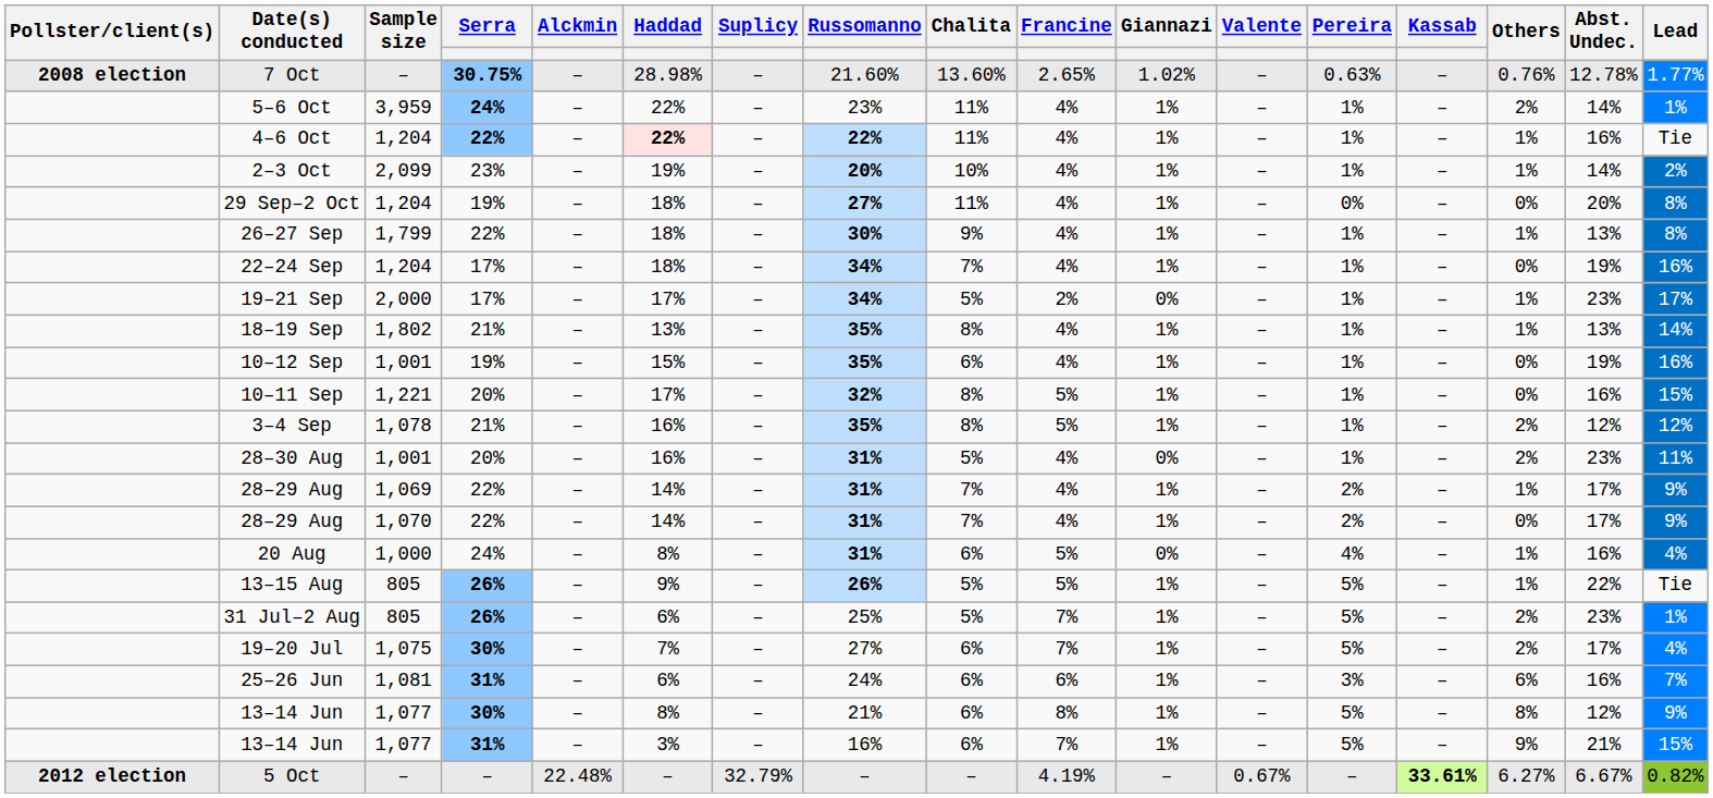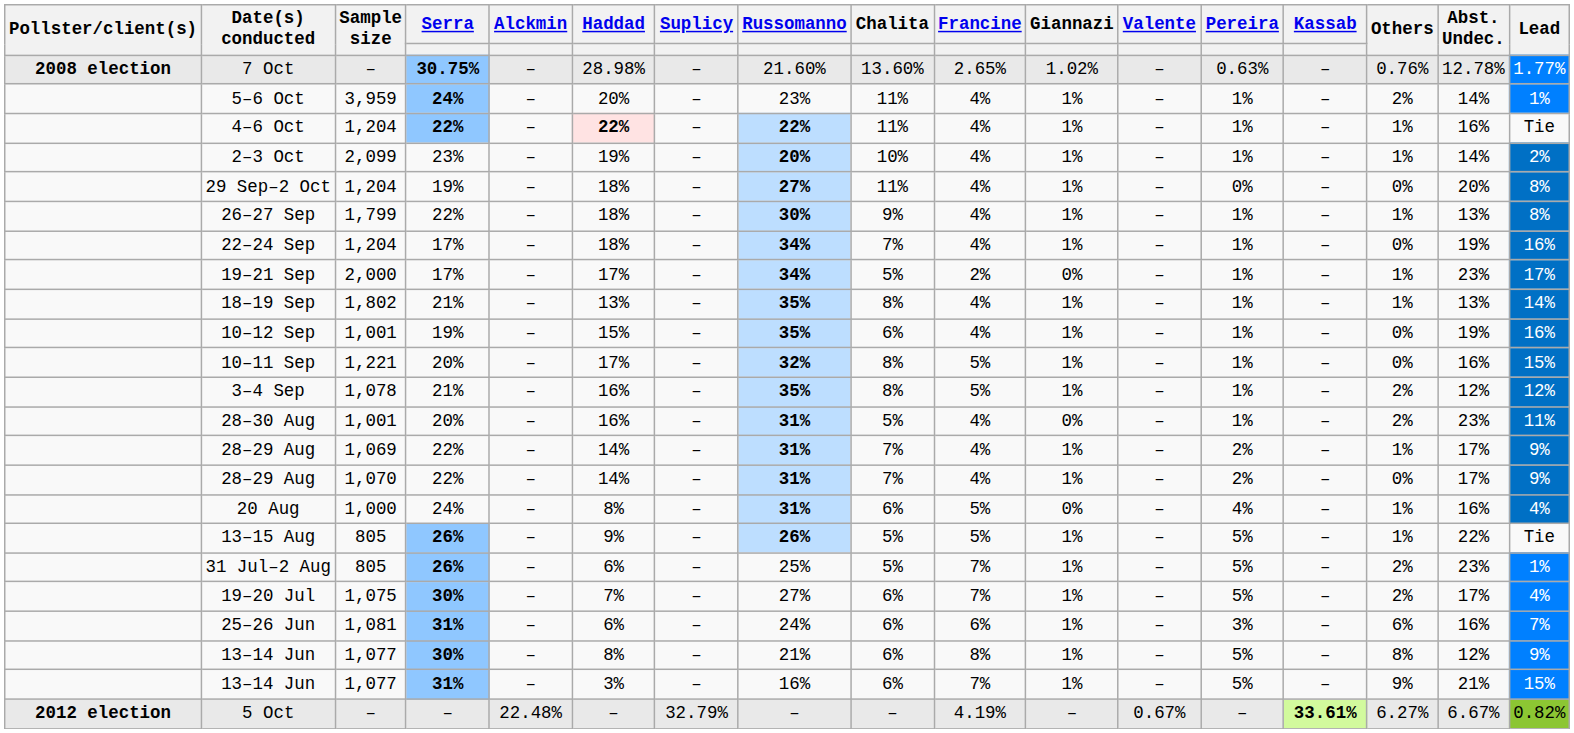 <table class="wikitable sortable" style="text-align:center;font-size:90%;line-height:14px;">
 <tr>
 <th rowspan="2">Pollster/client(s)</th>
 <th rowspan="2">Date(s)<br>conducted</th>
 <th rowspan="2" data-sort-type="number">Sample<br>size</th>
 <th class="unsortable" style="width:50px;"><a href='#'>Serra</a><br></th>
 <th class="unsortable" style="width:50px;"><a href='#'>Alckmin</a><br></th>
 <th class="unsortable" style="width:50px;"><a href='#'>Haddad</a><br></th>
 <th class="unsortable" style="width:50px;"><a href='#'>Suplicy</a><br></th>
 <th class="unsortable" style="width:50px;"><a href='#'>Russomanno</a><br></th>
 <th class="unsortable" style="width:50px;">Chalita<br></th>
 <th class="unsortable" style="width:50px;"><a href='#'>Francine</a><br></th>
 <th class="unsortable" style="width:50px;">Giannazi<br></th>
 <th class="unsortable" style="width:50px;"><a href='#'>Valente</a><br></th>
 <th class="unsortable" style="width:50px;"><a href='#'>Pereira</a><br></th>
 <th class="unsortable" style="width:50px;"><a href='#'>Kassab</a><br></th>
 <th rowspan="2" class="unsortable">Others</th>
 <th rowspan="2" class="unsortable">Abst.<br>Undec.</th>
 <th rowspan="2" data-sort-type="number">Lead</th>
 </tr>
 <tr>
 <th data-sort-type="number" class="sortable" style="background:"></th>
 <th data-sort-type="number" class="sortable" style="background:"></th>
 <th data-sort-type="number" class="sortable" style="background:"></th>
 <th data-sort-type="number" class="sortable" style="background:"></th>
 <th data-sort-type="number" class="sortable" style="background:"></th>
 <th data-sort-type="number" class="sortable" style="background:"></th>
 <th data-sort-type="number" class="sortable" style="background:"></th>
 <th data-sort-type="number" class="sortable" style="background:"></th>
 <th data-sort-type="number" class="sortable" style="background:"></th>
 <th data-sort-type="number" class="sortable" style="background:"></th>
 <th data-sort-type="number" class="sortable" style="background:"></th>
 </tr>
 <tr style="background:#E9E9E9;">
 <td><strong>2008 election</strong></td>
 <td>7 Oct</td>
 <td>–</td>
 <td style="background:#8FC7FF;"><strong>30.75%</strong></td>
 <td>–</td>
 <td>28.98%</td>
 <td>–</td>
 <td>21.60%</td>
 <td>13.60%</td>
 <td>2.65%</td>
 <td>1.02%</td>
 <td>–</td>
 <td>0.63%</td>
 <td>–</td>
 <td>0.76%</td>
 <td>12.78%</td>
 <td style="background:#0080FF;color:#FFFFFF;">1.77%</td>
 </tr>
 <tr>
 <td></td>
 <td>5–6 Oct</td>
 <td>3,959</td>
 <td style="background:#8FC7FF;"><strong>24%</strong></td>
 <td>–</td>
-<td>22%</td>
+<td>20%</td>
 <td>–</td>
 <td>23%</td>
 <td>11%</td>
 <td>4%</td>
 <td>1%</td>
 <td>–</td>
 <td>1%</td>
 <td>–</td>
 <td>2%</td>
 <td>14%</td>
 <td style="background:#0080FF;color:#FFFFFF;">1%</td>
 </tr>
 <tr>
 <td></td>
 <td>4–6 Oct</td>
 <td>1,204</td>
 <td style="background:#8FC7FF;"><strong>22%</strong></td>
 <td>–</td>
 <td style="background:#FFE3E3;"><strong>22%</strong></td>
 <td>–</td>
 <td style="background:#BDDEFF;"><strong>22%</strong></td>
 <td>11%</td>
 <td>4%</td>
 <td>1%</td>
 <td>–</td>
 <td>1%</td>
 <td>–</td>
 <td>1%</td>
 <td>16%</td>
 <td>Tie</td>
 </tr>
 <tr>
 <td></td>
 <td>2–3 Oct</td>
 <td>2,099</td>
 <td>23%</td>
 <td>–</td>
 <td>19%</td>
 <td>–</td>
 <td style="background:#BDDEFF;"><strong>20%</strong></td>
 <td>10%</td>
 <td>4%</td>
 <td>1%</td>
 <td>–</td>
 <td>1%</td>
 <td>–</td>
 <td>1%</td>
 <td>14%</td>
 <td style="background:#0070C5;color:#FFFFFF;">2%</td>
 </tr>
 <tr>
 <td></td>
 <td>29 Sep–2 Oct</td>
 <td>1,204</td>
 <td>19%</td>
 <td>–</td>
 <td>18%</td>
 <td>–</td>
 <td style="background:#BDDEFF;"><strong>27%</strong></td>
 <td>11%</td>
 <td>4%</td>
 <td>1%</td>
 <td>–</td>
 <td>0%</td>
 <td>–</td>
 <td>0%</td>
 <td>20%</td>
 <td style="background:#0070C5;color:#FFFFFF;">8%</td>
 </tr>
 <tr>
 <td></td>
 <td>26–27 Sep</td>
 <td>1,799</td>
 <td>22%</td>
 <td>–</td>
 <td>18%</td>
 <td>–</td>
 <td style="background:#BDDEFF;"><strong>30%</strong></td>
 <td>9%</td>
 <td>4%</td>
 <td>1%</td>
 <td>–</td>
 <td>1%</td>
 <td>–</td>
 <td>1%</td>
 <td>13%</td>
 <td style="background:#0070C5;color:#FFFFFF;">8%</td>
 </tr>
 <tr>
 <td></td>
 <td>22–24 Sep</td>
 <td>1,204</td>
 <td>17%</td>
 <td>–</td>
 <td>18%</td>
 <td>–</td>
 <td style="background:#BDDEFF;"><strong>34%</strong></td>
 <td>7%</td>
 <td>4%</td>
 <td>1%</td>
 <td>–</td>
 <td>1%</td>
 <td>–</td>
 <td>0%</td>
 <td>19%</td>
 <td style="background:#0070C5;color:#FFFFFF;">16%</td>
 </tr>
 <tr>
 <td></td>
 <td>19–21 Sep</td>
 <td>2,000</td>
 <td>17%</td>
 <td>–</td>
 <td>17%</td>
 <td>–</td>
 <td style="background:#BDDEFF;"><strong>34%</strong></td>
 <td>5%</td>
 <td>2%</td>
 <td>0%</td>
 <td>–</td>
 <td>1%</td>
 <td>–</td>
 <td>1%</td>
 <td>23%</td>
 <td style="background:#0070C5;color:#FFFFFF;">17%</td>
 </tr>
 <tr>
 <td></td>
 <td>18–19 Sep</td>
 <td>1,802</td>
 <td>21%</td>
 <td>–</td>
 <td>13%</td>
 <td>–</td>
 <td style="background:#BDDEFF;"><strong>35%</strong></td>
 <td>8%</td>
 <td>4%</td>
 <td>1%</td>
 <td>–</td>
 <td>1%</td>
 <td>–</td>
 <td>1%</td>
 <td>13%</td>
 <td style="background:#0070C5;color:#FFFFFF;">14%</td>
 </tr>
 <tr>
 <td></td>
 <td>10–12 Sep</td>
 <td>1,001</td>
 <td>19%</td>
 <td>–</td>
 <td>15%</td>
 <td>–</td>
 <td style="background:#BDDEFF;"><strong>35%</strong></td>
 <td>6%</td>
 <td>4%</td>
 <td>1%</td>
 <td>–</td>
 <td>1%</td>
 <td>–</td>
 <td>0%</td>
 <td>19%</td>
 <td style="background:#0070C5;color:#FFFFFF;">16%</td>
 </tr>
 <tr>
 <td></td>
 <td>10–11 Sep</td>
 <td>1,221</td>
 <td>20%</td>
 <td>–</td>
 <td>17%</td>
 <td>–</td>
 <td style="background:#BDDEFF;"><strong>32%</strong></td>
 <td>8%</td>
 <td>5%</td>
 <td>1%</td>
 <td>–</td>
 <td>1%</td>
 <td>–</td>
 <td>0%</td>
 <td>16%</td>
 <td style="background:#0070C5;color:#FFFFFF;">15%</td>
 </tr>
 <tr>
 <td></td>
 <td>3–4 Sep</td>
 <td>1,078</td>
 <td>21%</td>
 <td>–</td>
 <td>16%</td>
 <td>–</td>
 <td style="background:#BDDEFF;"><strong>35%</strong></td>
 <td>8%</td>
 <td>5%</td>
 <td>1%</td>
 <td>–</td>
 <td>1%</td>
 <td>–</td>
 <td>2%</td>
 <td>12%</td>
 <td style="background:#0070C5;color:#FFFFFF;">12%</td>
 </tr>
 <tr>
 <td></td>
 <td>28–30 Aug</td>
 <td>1,001</td>
 <td>20%</td>
 <td>–</td>
 <td>16%</td>
 <td>–</td>
 <td style="background:#BDDEFF;"><strong>31%</strong></td>
 <td>5%</td>
 <td>4%</td>
 <td>0%</td>
 <td>–</td>
 <td>1%</td>
 <td>–</td>
 <td>2%</td>
 <td>23%</td>
 <td style="background:#0070C5;color:#FFFFFF;">11%</td>
 </tr>
 <tr>
 <td></td>
 <td>28–29 Aug</td>
 <td>1,069</td>
 <td>22%</td>
 <td>–</td>
 <td>14%</td>
 <td>–</td>
 <td style="background:#BDDEFF;"><strong>31%</strong></td>
 <td>7%</td>
 <td>4%</td>
 <td>1%</td>
 <td>–</td>
 <td>2%</td>
 <td>–</td>
 <td>1%</td>
 <td>17%</td>
 <td style="background:#0070C5;color:#FFFFFF;">9%</td>
 </tr>
 <tr>
 <td></td>
 <td>28–29 Aug</td>
 <td>1,070</td>
 <td>22%</td>
 <td>–</td>
 <td>14%</td>
 <td>–</td>
 <td style="background:#BDDEFF;"><strong>31%</strong></td>
 <td>7%</td>
 <td>4%</td>
 <td>1%</td>
 <td>–</td>
 <td>2%</td>
 <td>–</td>
 <td>0%</td>
 <td>17%</td>
 <td style="background:#0070C5;color:#FFFFFF;">9%</td>
 </tr>
 <tr>
 <td></td>
 <td>20 Aug</td>
 <td>1,000</td>
 <td>24%</td>
 <td>–</td>
 <td>8%</td>
 <td>–</td>
 <td style="background:#BDDEFF;"><strong>31%</strong></td>
 <td>6%</td>
 <td>5%</td>
 <td>0%</td>
 <td>–</td>
 <td>4%</td>
 <td>–</td>
 <td>1%</td>
 <td>16%</td>
 <td style="background:#0070C5;color:#FFFFFF;">4%</td>
 </tr>
 <tr>
 <td></td>
 <td>13–15 Aug</td>
 <td>805</td>
 <td style="background:#8FC7FF;"><strong>26%</strong></td>
 <td>–</td>
 <td>9%</td>
 <td>–</td>
 <td style="background:#BDDEFF;"><strong>26%</strong></td>
 <td>5%</td>
 <td>5%</td>
 <td>1%</td>
 <td>–</td>
 <td>5%</td>
 <td>–</td>
 <td>1%</td>
 <td>22%</td>
 <td>Tie</td>
 </tr>
 <tr>
 <td></td>
 <td>31 Jul–2 Aug</td>
 <td>805</td>
 <td style="background:#8FC7FF;"><strong>26%</strong></td>
 <td>–</td>
 <td>6%</td>
 <td>–</td>
 <td>25%</td>
 <td>5%</td>
 <td>7%</td>
 <td>1%</td>
 <td>–</td>
 <td>5%</td>
 <td>–</td>
 <td>2%</td>
 <td>23%</td>
 <td style="background:#0080FF;color:#FFFFFF;">1%</td>
 </tr>
 <tr>
 <td></td>
 <td>19–20 Jul</td>
 <td>1,075</td>
 <td style="background:#8FC7FF;"><strong>30%</strong></td>
 <td>–</td>
 <td>7%</td>
 <td>–</td>
 <td>27%</td>
 <td>6%</td>
 <td>7%</td>
 <td>1%</td>
 <td>–</td>
 <td>5%</td>
 <td>–</td>
 <td>2%</td>
 <td>17%</td>
 <td style="background:#0080FF;color:#FFFFFF;">4%</td>
 </tr>
 <tr>
 <td></td>
 <td>25–26 Jun</td>
 <td>1,081</td>
 <td style="background:#8FC7FF;"><strong>31%</strong></td>
 <td>–</td>
 <td>6%</td>
 <td>–</td>
 <td>24%</td>
 <td>6%</td>
 <td>6%</td>
 <td>1%</td>
 <td>–</td>
 <td>3%</td>
 <td>–</td>
 <td>6%</td>
 <td>16%</td>
 <td style="background:#0080FF;color:#FFFFFF;">7%</td>
 </tr>
 <tr>
 <td></td>
 <td>13–14 Jun</td>
 <td>1,077</td>
 <td style="background:#8FC7FF;"><strong>30%</strong></td>
 <td>–</td>
 <td>8%</td>
 <td>–</td>
 <td>21%</td>
 <td>6%</td>
 <td>8%</td>
 <td>1%</td>
 <td>–</td>
 <td>5%</td>
 <td>–</td>
 <td>8%</td>
 <td>12%</td>
 <td style="background:#0080FF;color:#FFFFFF;">9%</td>
 </tr>
 <tr>
 <td></td>
 <td>13–14 Jun</td>
 <td>1,077</td>
 <td style="background:#8FC7FF;"><strong>31%</strong></td>
 <td>–</td>
 <td>3%</td>
 <td>–</td>
 <td>16%</td>
 <td>6%</td>
 <td>7%</td>
 <td>1%</td>
 <td>–</td>
 <td>5%</td>
 <td>–</td>
 <td>9%</td>
 <td>21%</td>
 <td style="background:#0080FF;color:#FFFFFF;">15%</td>
 </tr>
 <tr style="background:#E9E9E9;">
 <td><strong>2012 election</strong></td>
 <td>5 Oct</td>
 <td>–</td>
 <td>–</td>
 <td>22.48%</td>
 <td>–</td>
 <td>32.79%</td>
 <td>–</td>
 <td>–</td>
 <td>4.19%</td>
 <td>–</td>
 <td>0.67%</td>
 <td>–</td>
 <td style="background:#D2FA9D;"><strong>33.61%</strong></td>
 <td>6.27%</td>
 <td>6.67%</td>
 <td style="background:#8CC633;">0.82%</td>
 </tr>
 </table>
